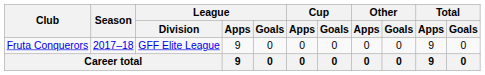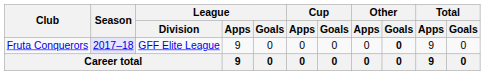 <table class="wikitable" style="text-align: center">
 <tr>
 <th rowspan="2">Club</th>
 <th rowspan="2">Season</th>
 <th colspan="3">League</th>
 <th colspan="2">Cup</th>
 <th colspan="2">Other</th>
 <th colspan="2">Total</th>
 </tr>
 <tr>
 <th>Division</th>
 <th>Apps</th>
 <th>Goals</th>
 <th>Apps</th>
 <th>Goals</th>
 <th>Apps</th>
 <th>Goals</th>
 <th>Apps</th>
 <th>Goals</th>
 </tr>
 <tr>
 <td><a href='#'>Fruta Conquerors</a></td>
-<td><a href='#'>2017–18</a></td>
+<td style="background: lavender;"><a href='#'>2017–18</a></td>
 <td><a href='#'>GFF Elite League</a></td>
 <td>9</td>
 <td>0</td>
 <td>0</td>
 <td>0</td>
 <td>0</td>
-<td>0</td>
+<td><strong>0</strong></td>
 <td>9</td>
 <td>0</td>
 </tr>
 <tr>
 <th colspan="3"><strong>Career total</strong></th>
 <th>9</th>
 <th>0</th>
 <th>0</th>
 <th>0</th>
 <th>0</th>
 <th>0</th>
 <th>9</th>
 <th>0</th>
 </tr>
 </table>
